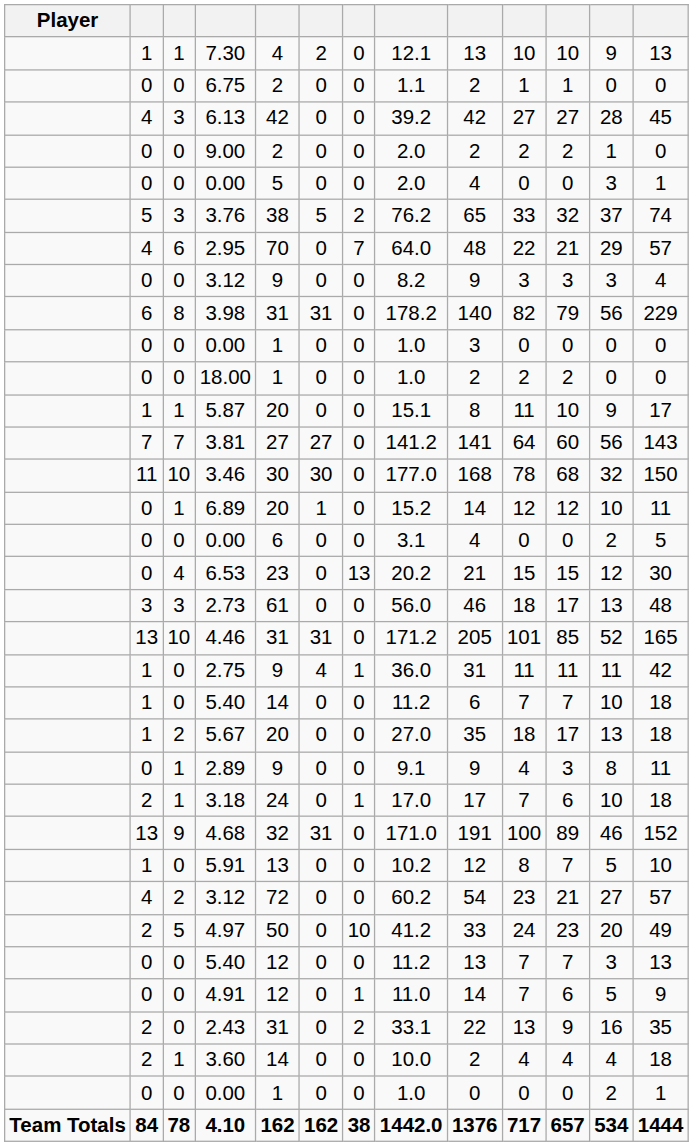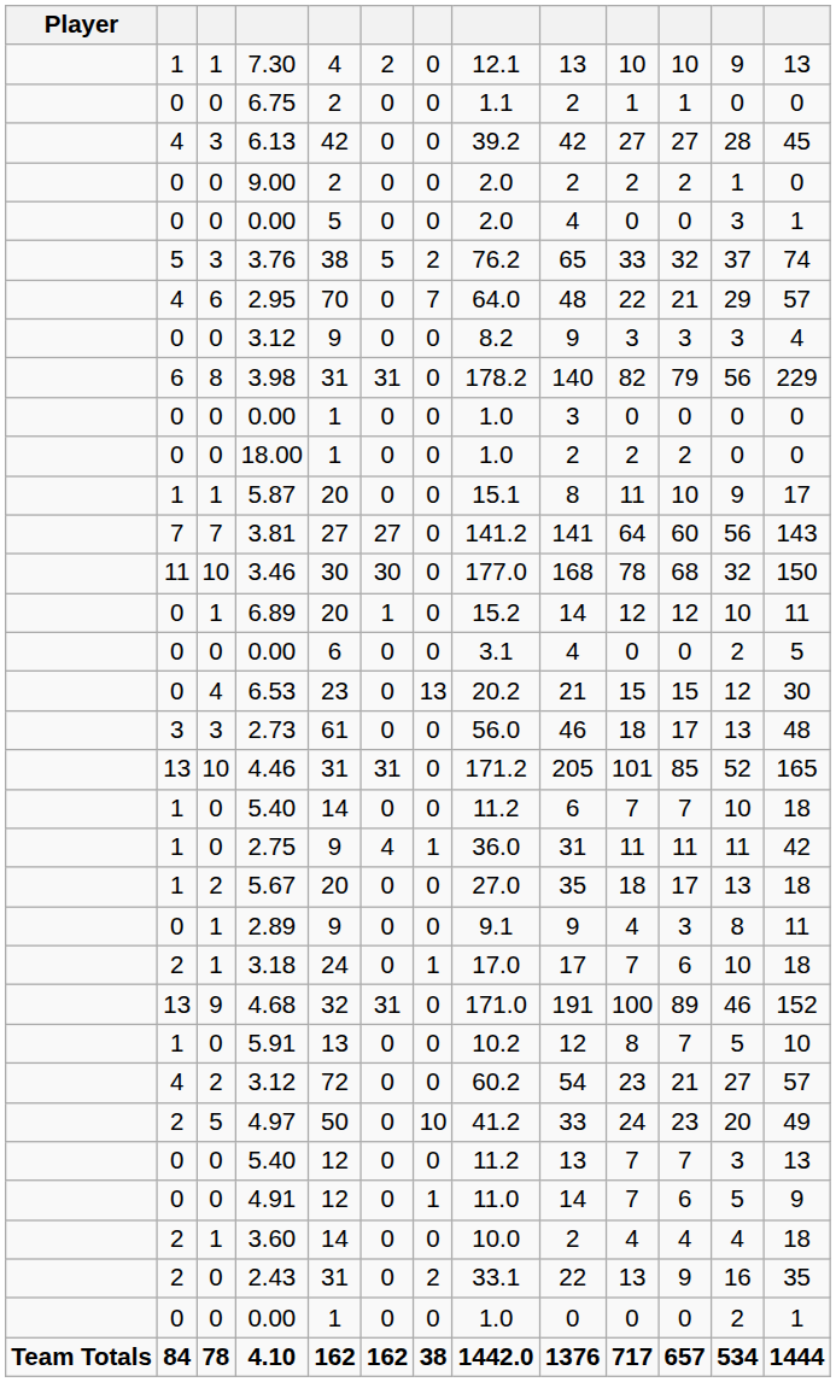 <table class="wikitable sortable" style="text-align:center;">
 <tr>
 <th>Player</th>
 <th></th>
 <th></th>
 <th></th>
 <th></th>
 <th></th>
 <th></th>
 <th></th>
 <th></th>
 <th></th>
 <th></th>
 <th></th>
 <th></th>
 </tr>
 <tr>
 <td style="text-align:left;"></td>
 <td>1</td>
 <td>1</td>
 <td>7.30</td>
 <td>4</td>
 <td>2</td>
 <td>0</td>
 <td>12.1</td>
 <td>13</td>
 <td>10</td>
 <td>10</td>
 <td>9</td>
 <td>13</td>
 </tr>
 <tr>
 <td style="text-align:left;"></td>
 <td>0</td>
 <td>0</td>
 <td>6.75</td>
 <td>2</td>
 <td>0</td>
 <td>0</td>
 <td>1.1</td>
 <td>2</td>
 <td>1</td>
 <td>1</td>
 <td>0</td>
 <td>0</td>
 </tr>
 <tr>
 <td style="text-align:left;"></td>
 <td>4</td>
 <td>3</td>
 <td>6.13</td>
 <td>42</td>
 <td>0</td>
 <td>0</td>
 <td>39.2</td>
 <td>42</td>
 <td>27</td>
 <td>27</td>
 <td>28</td>
 <td>45</td>
 </tr>
 <tr>
 <td style="text-align:left;"></td>
 <td>0</td>
 <td>0</td>
 <td>9.00</td>
 <td>2</td>
 <td>0</td>
 <td>0</td>
 <td>2.0</td>
 <td>2</td>
 <td>2</td>
 <td>2</td>
 <td>1</td>
 <td>0</td>
 </tr>
 <tr>
 <td style="text-align:left;"></td>
 <td>0</td>
 <td>0</td>
 <td>0.00</td>
 <td>5</td>
 <td>0</td>
 <td>0</td>
 <td>2.0</td>
 <td>4</td>
 <td>0</td>
 <td>0</td>
 <td>3</td>
 <td>1</td>
 </tr>
 <tr>
 <td style="text-align:left;"></td>
 <td>5</td>
 <td>3</td>
 <td>3.76</td>
 <td>38</td>
 <td>5</td>
 <td>2</td>
 <td>76.2</td>
 <td>65</td>
 <td>33</td>
 <td>32</td>
 <td>37</td>
 <td>74</td>
 </tr>
 <tr>
 <td style="text-align:left;"></td>
 <td>4</td>
 <td>6</td>
 <td>2.95</td>
 <td>70</td>
 <td>0</td>
 <td>7</td>
 <td>64.0</td>
 <td>48</td>
 <td>22</td>
 <td>21</td>
 <td>29</td>
 <td>57</td>
 </tr>
 <tr>
 <td style="text-align:left;"></td>
 <td>0</td>
 <td>0</td>
 <td>3.12</td>
 <td>9</td>
 <td>0</td>
 <td>0</td>
 <td>8.2</td>
 <td>9</td>
 <td>3</td>
 <td>3</td>
 <td>3</td>
 <td>4</td>
 </tr>
 <tr>
 <td style="text-align:left;"></td>
 <td>6</td>
 <td>8</td>
 <td>3.98</td>
 <td>31</td>
 <td>31</td>
 <td>0</td>
 <td>178.2</td>
 <td>140</td>
 <td>82</td>
 <td>79</td>
 <td>56</td>
 <td>229</td>
 </tr>
 <tr>
 <td style="text-align:left;"></td>
 <td>0</td>
 <td>0</td>
 <td>0.00</td>
 <td>1</td>
 <td>0</td>
 <td>0</td>
 <td>1.0</td>
 <td>3</td>
 <td>0</td>
 <td>0</td>
 <td>0</td>
 <td>0</td>
 </tr>
 <tr>
 <td style="text-align:left;"></td>
 <td>0</td>
 <td>0</td>
 <td>18.00</td>
 <td>1</td>
 <td>0</td>
 <td>0</td>
 <td>1.0</td>
 <td>2</td>
 <td>2</td>
 <td>2</td>
 <td>0</td>
 <td>0</td>
 </tr>
 <tr>
 <td style="text-align:left;"></td>
 <td>1</td>
 <td>1</td>
 <td>5.87</td>
 <td>20</td>
 <td>0</td>
 <td>0</td>
 <td>15.1</td>
 <td>8</td>
 <td>11</td>
 <td>10</td>
 <td>9</td>
 <td>17</td>
 </tr>
 <tr>
 <td style="text-align:left;"></td>
 <td>7</td>
 <td>7</td>
 <td>3.81</td>
 <td>27</td>
 <td>27</td>
 <td>0</td>
 <td>141.2</td>
 <td>141</td>
 <td>64</td>
 <td>60</td>
 <td>56</td>
 <td>143</td>
 </tr>
 <tr>
 <td style="text-align:left;"></td>
 <td>11</td>
 <td>10</td>
 <td>3.46</td>
 <td>30</td>
 <td>30</td>
 <td>0</td>
 <td>177.0</td>
 <td>168</td>
 <td>78</td>
 <td>68</td>
 <td>32</td>
 <td>150</td>
 </tr>
 <tr>
 <td style="text-align:left;"></td>
 <td>0</td>
 <td>1</td>
 <td>6.89</td>
 <td>20</td>
 <td>1</td>
 <td>0</td>
 <td>15.2</td>
 <td>14</td>
 <td>12</td>
 <td>12</td>
 <td>10</td>
 <td>11</td>
 </tr>
 <tr>
 <td style="text-align:left;"></td>
 <td>0</td>
 <td>0</td>
 <td>0.00</td>
 <td>6</td>
 <td>0</td>
 <td>0</td>
 <td>3.1</td>
 <td>4</td>
 <td>0</td>
 <td>0</td>
 <td>2</td>
 <td>5</td>
 </tr>
 <tr>
 <td style="text-align:left;"></td>
 <td>0</td>
 <td>4</td>
 <td>6.53</td>
 <td>23</td>
 <td>0</td>
 <td>13</td>
 <td>20.2</td>
 <td>21</td>
 <td>15</td>
 <td>15</td>
 <td>12</td>
 <td>30</td>
 </tr>
 <tr>
 <td style="text-align:left;"></td>
 <td>3</td>
 <td>3</td>
 <td>2.73</td>
 <td>61</td>
 <td>0</td>
 <td>0</td>
 <td>56.0</td>
 <td>46</td>
 <td>18</td>
 <td>17</td>
 <td>13</td>
 <td>48</td>
 </tr>
 <tr>
 <td style="text-align:left;"></td>
 <td>13</td>
 <td>10</td>
 <td>4.46</td>
 <td>31</td>
 <td>31</td>
 <td>0</td>
 <td>171.2</td>
 <td>205</td>
 <td>101</td>
 <td>85</td>
 <td>52</td>
 <td>165</td>
 </tr>
 <tr>
 <td style="text-align:left;"></td>
 <td>1</td>
 <td>0</td>
+<td>5.40</td>
+<td>14</td>
+<td>0</td>
+<td>0</td>
+<td>11.2</td>
+<td>6</td>
+<td>7</td>
+<td>7</td>
+<td>10</td>
+<td>18</td>
+</tr>
+<tr>
+<td style="text-align:left;"></td>
+<td>1</td>
+<td>0</td>
 <td>2.75</td>
 <td>9</td>
 <td>4</td>
 <td>1</td>
 <td>36.0</td>
 <td>31</td>
 <td>11</td>
 <td>11</td>
 <td>11</td>
 <td>42</td>
-</tr>
-<tr>
-<td style="text-align:left;"></td>
-<td>1</td>
-<td>0</td>
-<td>5.40</td>
-<td>14</td>
-<td>0</td>
-<td>0</td>
-<td>11.2</td>
-<td>6</td>
-<td>7</td>
-<td>7</td>
-<td>10</td>
-<td>18</td>
 </tr>
 <tr>
 <td style="text-align:left;"></td>
 <td>1</td>
 <td>2</td>
 <td>5.67</td>
 <td>20</td>
 <td>0</td>
 <td>0</td>
 <td>27.0</td>
 <td>35</td>
 <td>18</td>
 <td>17</td>
 <td>13</td>
 <td>18</td>
 </tr>
 <tr>
 <td style="text-align:left;"></td>
 <td>0</td>
 <td>1</td>
 <td>2.89</td>
 <td>9</td>
 <td>0</td>
 <td>0</td>
 <td>9.1</td>
 <td>9</td>
 <td>4</td>
 <td>3</td>
 <td>8</td>
 <td>11</td>
 </tr>
 <tr>
 <td style="text-align:left;"></td>
 <td>2</td>
 <td>1</td>
 <td>3.18</td>
 <td>24</td>
 <td>0</td>
 <td>1</td>
 <td>17.0</td>
 <td>17</td>
 <td>7</td>
 <td>6</td>
 <td>10</td>
 <td>18</td>
 </tr>
 <tr>
 <td style="text-align:left;"></td>
 <td>13</td>
 <td>9</td>
 <td>4.68</td>
 <td>32</td>
 <td>31</td>
 <td>0</td>
 <td>171.0</td>
 <td>191</td>
 <td>100</td>
 <td>89</td>
 <td>46</td>
 <td>152</td>
 </tr>
 <tr>
 <td style="text-align:left;"></td>
 <td>1</td>
 <td>0</td>
 <td>5.91</td>
 <td>13</td>
 <td>0</td>
 <td>0</td>
 <td>10.2</td>
 <td>12</td>
 <td>8</td>
 <td>7</td>
 <td>5</td>
 <td>10</td>
 </tr>
 <tr>
 <td style="text-align:left;"></td>
 <td>4</td>
 <td>2</td>
 <td>3.12</td>
 <td>72</td>
 <td>0</td>
 <td>0</td>
 <td>60.2</td>
 <td>54</td>
 <td>23</td>
 <td>21</td>
 <td>27</td>
 <td>57</td>
 </tr>
 <tr>
 <td style="text-align:left;"></td>
 <td>2</td>
 <td>5</td>
 <td>4.97</td>
 <td>50</td>
 <td>0</td>
 <td>10</td>
 <td>41.2</td>
 <td>33</td>
 <td>24</td>
 <td>23</td>
 <td>20</td>
 <td>49</td>
 </tr>
 <tr>
 <td style="text-align:left;"></td>
 <td>0</td>
 <td>0</td>
 <td>5.40</td>
 <td>12</td>
 <td>0</td>
 <td>0</td>
 <td>11.2</td>
 <td>13</td>
 <td>7</td>
 <td>7</td>
 <td>3</td>
 <td>13</td>
 </tr>
 <tr>
 <td style="text-align:left;"></td>
 <td>0</td>
 <td>0</td>
 <td>4.91</td>
 <td>12</td>
 <td>0</td>
 <td>1</td>
 <td>11.0</td>
 <td>14</td>
 <td>7</td>
 <td>6</td>
 <td>5</td>
 <td>9</td>
 </tr>
 <tr>
 <td style="text-align:left;"></td>
 <td>2</td>
+<td>1</td>
+<td>3.60</td>
+<td>14</td>
+<td>0</td>
+<td>0</td>
+<td>10.0</td>
+<td>2</td>
+<td>4</td>
+<td>4</td>
+<td>4</td>
+<td>18</td>
+</tr>
+<tr>
+<td style="text-align:left;"></td>
+<td>2</td>
 <td>0</td>
 <td>2.43</td>
 <td>31</td>
 <td>0</td>
 <td>2</td>
 <td>33.1</td>
 <td>22</td>
 <td>13</td>
 <td>9</td>
 <td>16</td>
 <td>35</td>
-</tr>
-<tr>
-<td style="text-align:left;"></td>
-<td>2</td>
-<td>1</td>
-<td>3.60</td>
-<td>14</td>
-<td>0</td>
-<td>0</td>
-<td>10.0</td>
-<td>2</td>
-<td>4</td>
-<td>4</td>
-<td>4</td>
-<td>18</td>
 </tr>
 <tr>
 <td style="text-align:left;"></td>
 <td>0</td>
 <td>0</td>
 <td>0.00</td>
 <td>1</td>
 <td>0</td>
 <td>0</td>
 <td>1.0</td>
 <td>0</td>
 <td>0</td>
 <td>0</td>
 <td>2</td>
 <td>1</td>
 </tr>
 <tr>
 <td style="text-align:left;"><strong>Team Totals</strong></td>
 <td><strong>84</strong></td>
 <td><strong>78</strong></td>
 <td><strong>4.10</strong></td>
 <td><strong>162</strong></td>
 <td><strong>162</strong></td>
 <td><strong>38</strong></td>
 <td><strong>1442.0</strong></td>
 <td><strong>1376</strong></td>
 <td><strong>717</strong></td>
 <td><strong>657</strong></td>
 <td><strong>534</strong></td>
 <td><strong>1444</strong></td>
 </tr>
 </table>
